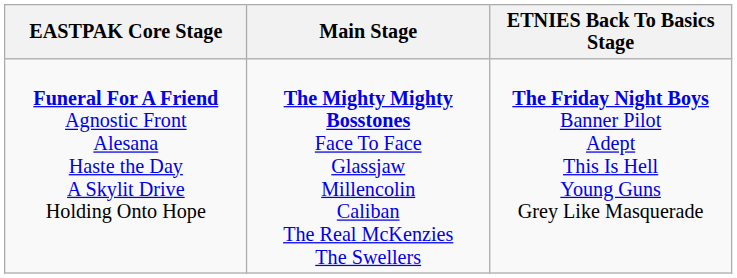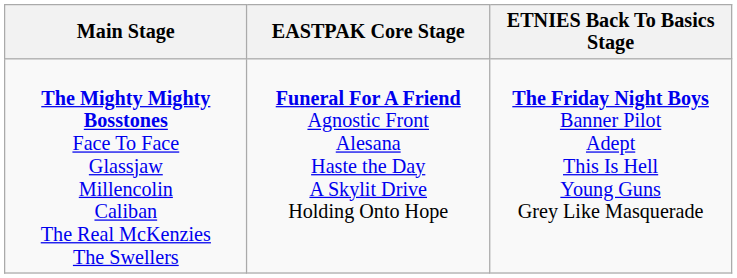 <table class="wikitable">
 <tr>
+<th>Main Stage</th>
 <th>EASTPAK Core Stage</th>
-<th>Main Stage</th>
 <th>ETNIES Back To Basics Stage</th>
 </tr>
 <tr>
+<td style="text-align:center; vertical-align:top; width:185px;"><br><strong><a href='#'>The Mighty Mighty Bosstones</a></strong> <br><a href='#'>Face To Face</a> <br><a href='#'>Glassjaw</a> <br><a href='#'>Millencolin</a> <br><a href='#'>Caliban</a> <br><a href='#'>The Real McKenzies</a> <br><a href='#'>The Swellers</a></td>
 <td style="text-align:center; vertical-align:top; width:185px;"><br><strong><a href='#'>Funeral For A Friend</a></strong> <br><a href='#'>Agnostic Front</a> <br><a href='#'>Alesana</a> <br><a href='#'>Haste the Day</a> <br><a href='#'>A Skylit Drive</a> <br>Holding Onto Hope</td>
-<td style="text-align:center; vertical-align:top; width:185px;"><br><strong><a href='#'>The Mighty Mighty Bosstones</a></strong> <br><a href='#'>Face To Face</a> <br><a href='#'>Glassjaw</a> <br><a href='#'>Millencolin</a> <br><a href='#'>Caliban</a> <br><a href='#'>The Real McKenzies</a> <br><a href='#'>The Swellers</a></td>
 <td style="text-align:center; vertical-align:top; width:185px;"><br><strong><a href='#'>The Friday Night Boys</a></strong> <br><a href='#'>Banner Pilot</a> <br><a href='#'>Adept</a> <br><a href='#'>This Is Hell</a> <br><a href='#'>Young Guns</a> <br>Grey Like Masquerade</td>
 </tr>
 </table>
